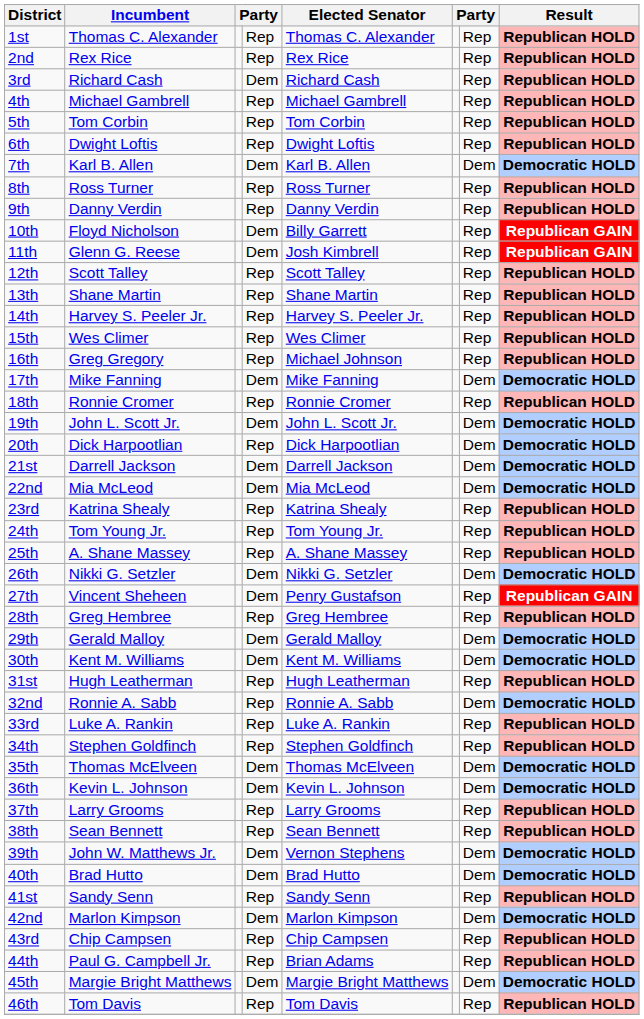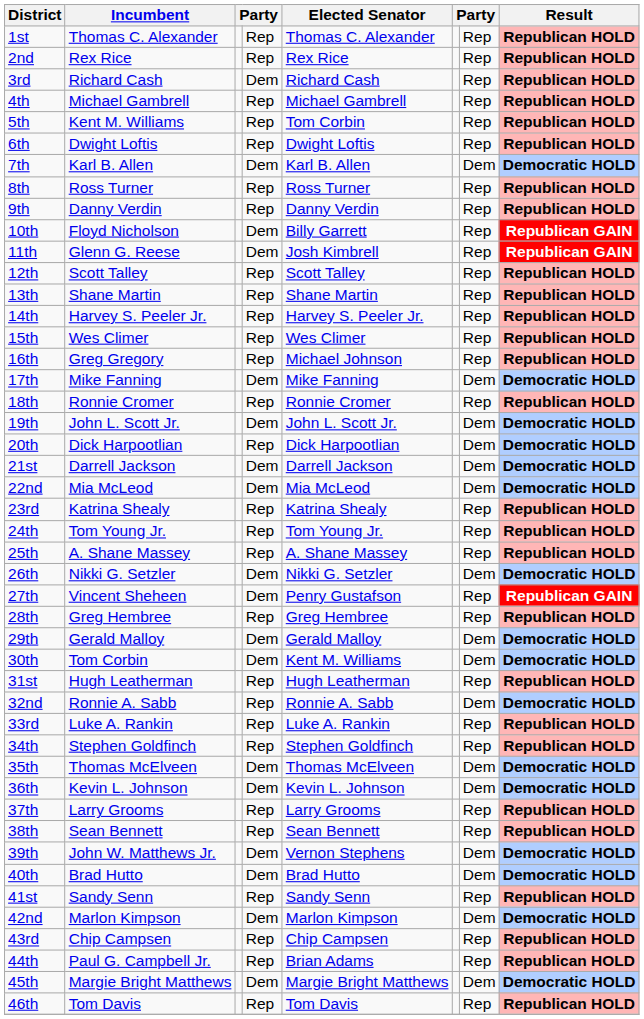 <table class="sortable wikitable" style="font-size:95%;line-height:14px;">
 <tr>
 <th class="unsortable">District</th>
 <th class="unsortable"><a href='#'>Incumbent</a></th>
 <th colspan="2">Party</th>
 <th class="unsortable">Elected Senator</th>
 <th colspan="2">Party</th>
 <th class="unsortable">Result</th>
 </tr>
 <tr>
 <td><a href='#'>1st</a></td>
 <td><a href='#'>Thomas C. Alexander</a></td>
 <td style="background:"></td>
 <td>Rep</td>
 <td><a href='#'>Thomas C. Alexander</a></td>
 <td style="background:"></td>
 <td>Rep</td>
 <td style="text-align:center; background:#FFB6B6"><strong>Republican HOLD</strong></td>
 </tr>
 <tr>
 <td><a href='#'>2nd</a></td>
 <td><a href='#'>Rex Rice</a></td>
 <td style="background:"></td>
 <td>Rep</td>
 <td><a href='#'>Rex Rice</a></td>
 <td style="background:"></td>
 <td>Rep</td>
 <td style="text-align:center; background:#FFB6B6"><strong>Republican HOLD</strong></td>
 </tr>
 <tr>
 <td><a href='#'>3rd</a></td>
 <td><a href='#'>Richard Cash</a></td>
 <td style="background:"></td>
 <td>Dem</td>
 <td><a href='#'>Richard Cash</a></td>
 <td style="background:"></td>
 <td>Rep</td>
 <td style="text-align:center; background:#FFB6B6"><strong>Republican HOLD</strong></td>
 </tr>
 <tr>
 <td><a href='#'>4th</a></td>
 <td><a href='#'>Michael Gambrell</a></td>
 <td style="background:"></td>
 <td>Rep</td>
 <td><a href='#'>Michael Gambrell</a></td>
 <td style="background:"></td>
 <td>Rep</td>
 <td style="text-align:center; background:#FFB6B6"><strong>Republican HOLD</strong></td>
 </tr>
 <tr>
 <td><a href='#'>5th</a></td>
-<td><a href='#'>Tom Corbin</a></td>
+<td><a href='#'>Kent M. Williams</a></td>
 <td style="background:"></td>
 <td>Rep</td>
 <td><a href='#'>Tom Corbin</a></td>
 <td style="background:"></td>
 <td>Rep</td>
 <td style="text-align:center; background:#FFB6B6"><strong>Republican HOLD</strong></td>
 </tr>
 <tr>
 <td><a href='#'>6th</a></td>
 <td><a href='#'>Dwight Loftis</a></td>
 <td style="background:"></td>
 <td>Rep</td>
 <td><a href='#'>Dwight Loftis</a></td>
 <td style="background:"></td>
 <td>Rep</td>
 <td style="text-align:center; background:#FFB6B6"><strong>Republican HOLD</strong></td>
 </tr>
 <tr>
 <td><a href='#'>7th</a></td>
 <td><a href='#'>Karl B. Allen</a></td>
 <td style="background:"></td>
 <td>Dem</td>
 <td><a href='#'>Karl B. Allen</a></td>
 <td style="background:"></td>
 <td>Dem</td>
 <td style="text-align:center; background:#B0CEFF"><strong>Democratic HOLD</strong></td>
 </tr>
 <tr>
 <td><a href='#'>8th</a></td>
 <td><a href='#'>Ross Turner</a></td>
 <td style="background:"></td>
 <td>Rep</td>
 <td><a href='#'>Ross Turner</a></td>
 <td style="background:"></td>
 <td>Rep</td>
 <td style="text-align:center; background:#FFB6B6"><strong>Republican HOLD</strong></td>
 </tr>
 <tr>
 <td><a href='#'>9th</a></td>
 <td><a href='#'>Danny Verdin</a></td>
 <td style="background:"></td>
 <td>Rep</td>
 <td><a href='#'>Danny Verdin</a></td>
 <td style="background:"></td>
 <td>Rep</td>
 <td style="text-align:center; background:#FFB6B6"><strong>Republican HOLD</strong></td>
 </tr>
 <tr>
 <td><a href='#'>10th</a></td>
 <td><a href='#'>Floyd Nicholson</a></td>
 <td style="background:"></td>
 <td>Dem</td>
 <td><a href='#'>Billy Garrett</a></td>
 <td style="background:"></td>
 <td>Rep</td>
 <td style="text-align:center; background:#FF0000; color:white"><strong>Republican GAIN</strong></td>
 </tr>
 <tr>
 <td><a href='#'>11th</a></td>
 <td><a href='#'>Glenn G. Reese</a></td>
 <td style="background:"></td>
 <td>Dem</td>
 <td><a href='#'>Josh Kimbrell</a></td>
 <td style="background:"></td>
 <td>Rep</td>
 <td style="text-align:center; background:#FF0000; color:white"><strong>Republican GAIN</strong></td>
 </tr>
 <tr>
 <td><a href='#'>12th</a></td>
 <td><a href='#'>Scott Talley</a></td>
 <td style="background:"></td>
 <td>Rep</td>
 <td><a href='#'>Scott Talley</a></td>
 <td style="background:"></td>
 <td>Rep</td>
 <td style="text-align:center; background:#FFB6B6"><strong>Republican HOLD</strong></td>
 </tr>
 <tr>
 <td><a href='#'>13th</a></td>
 <td><a href='#'>Shane Martin</a></td>
 <td style="background:"></td>
 <td>Rep</td>
 <td><a href='#'>Shane Martin</a></td>
 <td style="background:"></td>
 <td>Rep</td>
 <td style="text-align:center; background:#FFB6B6"><strong>Republican HOLD</strong></td>
 </tr>
 <tr>
 <td><a href='#'>14th</a></td>
 <td><a href='#'>Harvey S. Peeler Jr.</a></td>
 <td style="background:"></td>
 <td>Rep</td>
 <td><a href='#'>Harvey S. Peeler Jr.</a></td>
 <td style="background:"></td>
 <td>Rep</td>
 <td style="text-align:center; background:#FFB6B6"><strong>Republican HOLD</strong></td>
 </tr>
 <tr>
 <td><a href='#'>15th</a></td>
 <td><a href='#'>Wes Climer</a></td>
 <td style="background:"></td>
 <td>Rep</td>
 <td><a href='#'>Wes Climer</a></td>
 <td style="background:"></td>
 <td>Rep</td>
 <td style="text-align:center; background:#FFB6B6"><strong>Republican HOLD</strong></td>
 </tr>
 <tr>
 <td><a href='#'>16th</a></td>
 <td><a href='#'>Greg Gregory</a></td>
 <td style="background:"></td>
 <td>Rep</td>
 <td><a href='#'>Michael Johnson</a></td>
 <td style="background:"></td>
 <td>Rep</td>
 <td style="text-align:center; background:#FFB6B6"><strong>Republican HOLD</strong></td>
 </tr>
 <tr>
 <td><a href='#'>17th</a></td>
 <td><a href='#'>Mike Fanning</a></td>
 <td style="background:"></td>
 <td>Dem</td>
 <td><a href='#'>Mike Fanning</a></td>
 <td style="background:"></td>
 <td>Dem</td>
 <td style="text-align:center; background:#B0CEFF"><strong>Democratic HOLD</strong></td>
 </tr>
 <tr>
 <td><a href='#'>18th</a></td>
 <td><a href='#'>Ronnie Cromer</a></td>
 <td style="background:"></td>
 <td>Rep</td>
 <td><a href='#'>Ronnie Cromer</a></td>
 <td style="background:"></td>
 <td>Rep</td>
 <td style="text-align:center; background:#FFB6B6"><strong>Republican HOLD</strong></td>
 </tr>
 <tr>
 <td><a href='#'>19th</a></td>
 <td><a href='#'>John L. Scott Jr.</a></td>
 <td style="background:"></td>
 <td>Dem</td>
 <td><a href='#'>John L. Scott Jr.</a></td>
 <td style="background:"></td>
 <td>Dem</td>
 <td style="text-align:center; background:#B0CEFF"><strong>Democratic HOLD</strong></td>
 </tr>
 <tr>
 <td><a href='#'>20th</a></td>
 <td><a href='#'>Dick Harpootlian</a></td>
 <td style="background:"></td>
 <td>Rep</td>
 <td><a href='#'>Dick Harpootlian</a></td>
 <td style="background:"></td>
 <td>Dem</td>
 <td style="text-align:center; background:#B0CEFF"><strong>Democratic HOLD</strong></td>
 </tr>
 <tr>
 <td><a href='#'>21st</a></td>
 <td><a href='#'>Darrell Jackson</a></td>
 <td style="background:"></td>
 <td>Dem</td>
 <td><a href='#'>Darrell Jackson</a></td>
 <td style="background:"></td>
 <td>Dem</td>
 <td style="text-align:center; background:#B0CEFF"><strong>Democratic HOLD</strong></td>
 </tr>
 <tr>
 <td><a href='#'>22nd</a></td>
 <td><a href='#'>Mia McLeod</a></td>
 <td style="background:"></td>
 <td>Dem</td>
 <td><a href='#'>Mia McLeod</a></td>
 <td style="background:"></td>
 <td>Dem</td>
 <td style="text-align:center; background:#B0CEFF"><strong>Democratic HOLD</strong></td>
 </tr>
 <tr>
 <td><a href='#'>23rd</a></td>
 <td><a href='#'>Katrina Shealy</a></td>
 <td style="background:"></td>
 <td>Rep</td>
 <td><a href='#'>Katrina Shealy</a></td>
 <td style="background:"></td>
 <td>Rep</td>
 <td style="text-align:center; background:#FFB6B6"><strong>Republican HOLD</strong></td>
 </tr>
 <tr>
 <td><a href='#'>24th</a></td>
 <td><a href='#'>Tom Young Jr.</a></td>
 <td style="background:"></td>
 <td>Rep</td>
 <td><a href='#'>Tom Young Jr.</a></td>
 <td style="background:"></td>
 <td>Rep</td>
 <td style="text-align:center; background:#FFB6B6"><strong>Republican HOLD</strong></td>
 </tr>
 <tr>
 <td><a href='#'>25th</a></td>
 <td><a href='#'>A. Shane Massey</a></td>
 <td style="background:"></td>
 <td>Rep</td>
 <td><a href='#'>A. Shane Massey</a></td>
 <td style="background:"></td>
 <td>Rep</td>
 <td style="text-align:center; background:#FFB6B6"><strong>Republican HOLD</strong></td>
 </tr>
 <tr>
 <td><a href='#'>26th</a></td>
 <td><a href='#'>Nikki G. Setzler</a></td>
 <td style="background:"></td>
 <td>Dem</td>
 <td><a href='#'>Nikki G. Setzler</a></td>
 <td style="background:"></td>
 <td>Dem</td>
 <td style="text-align:center; background:#B0CEFF"><strong>Democratic HOLD</strong></td>
 </tr>
 <tr>
 <td><a href='#'>27th</a></td>
 <td><a href='#'>Vincent Sheheen</a></td>
 <td style="background:"></td>
 <td>Dem</td>
 <td><a href='#'>Penry Gustafson</a></td>
 <td style="background:"></td>
 <td>Rep</td>
 <td style="text-align:center; background:#FF0000; color:white"><strong>Republican GAIN</strong></td>
 </tr>
 <tr>
 <td><a href='#'>28th</a></td>
 <td><a href='#'>Greg Hembree</a></td>
 <td style="background:"></td>
 <td>Rep</td>
 <td><a href='#'>Greg Hembree</a></td>
 <td style="background:"></td>
 <td>Rep</td>
 <td style="text-align:center; background:#FFB6B6"><strong>Republican HOLD</strong></td>
 </tr>
 <tr>
 <td><a href='#'>29th</a></td>
 <td><a href='#'>Gerald Malloy</a></td>
 <td style="background:"></td>
 <td>Dem</td>
 <td><a href='#'>Gerald Malloy</a></td>
 <td style="background:"></td>
 <td>Dem</td>
 <td style="text-align:center; background:#B0CEFF"><strong>Democratic HOLD</strong></td>
 </tr>
 <tr>
 <td><a href='#'>30th</a></td>
-<td><a href='#'>Kent M. Williams</a></td>
+<td><a href='#'>Tom Corbin</a></td>
 <td style="background:"></td>
 <td>Dem</td>
 <td><a href='#'>Kent M. Williams</a></td>
 <td style="background:"></td>
 <td>Dem</td>
 <td style="text-align:center; background:#B0CEFF"><strong>Democratic HOLD</strong></td>
 </tr>
 <tr>
 <td><a href='#'>31st</a></td>
 <td><a href='#'>Hugh Leatherman</a></td>
 <td style="background:"></td>
 <td>Rep</td>
 <td><a href='#'>Hugh Leatherman</a></td>
 <td style="background:"></td>
 <td>Rep</td>
 <td style="text-align:center; background:#FFB6B6"><strong>Republican HOLD</strong></td>
 </tr>
 <tr>
 <td><a href='#'>32nd</a></td>
 <td><a href='#'>Ronnie A. Sabb</a></td>
 <td style="background:"></td>
 <td>Rep</td>
 <td><a href='#'>Ronnie A. Sabb</a></td>
 <td style="background:"></td>
 <td>Dem</td>
 <td style="text-align:center; background:#B0CEFF"><strong>Democratic HOLD</strong></td>
 </tr>
 <tr>
 <td><a href='#'>33rd</a></td>
 <td><a href='#'>Luke A. Rankin</a></td>
 <td style="background:"></td>
 <td>Rep</td>
 <td><a href='#'>Luke A. Rankin</a></td>
 <td style="background:"></td>
 <td>Rep</td>
 <td style="text-align:center; background:#FFB6B6"><strong>Republican HOLD</strong></td>
 </tr>
 <tr>
 <td><a href='#'>34th</a></td>
 <td><a href='#'>Stephen Goldfinch</a></td>
 <td style="background:"></td>
 <td>Rep</td>
 <td><a href='#'>Stephen Goldfinch</a></td>
 <td style="background:"></td>
 <td>Rep</td>
 <td style="text-align:center; background:#FFB6B6"><strong>Republican HOLD</strong></td>
 </tr>
 <tr>
 <td><a href='#'>35th</a></td>
 <td><a href='#'>Thomas McElveen</a></td>
 <td style="background:"></td>
 <td>Dem</td>
 <td><a href='#'>Thomas McElveen</a></td>
 <td style="background:"></td>
 <td>Dem</td>
 <td style="text-align:center; background:#B0CEFF"><strong>Democratic HOLD</strong></td>
 </tr>
 <tr>
 <td><a href='#'>36th</a></td>
 <td><a href='#'>Kevin L. Johnson</a></td>
 <td style="background:"></td>
 <td>Dem</td>
 <td><a href='#'>Kevin L. Johnson</a></td>
 <td style="background:"></td>
 <td>Dem</td>
 <td style="text-align:center; background:#B0CEFF"><strong>Democratic HOLD</strong></td>
 </tr>
 <tr>
 <td><a href='#'>37th</a></td>
 <td><a href='#'>Larry Grooms</a></td>
 <td style="background:"></td>
 <td>Rep</td>
 <td><a href='#'>Larry Grooms</a></td>
 <td style="background:"></td>
 <td>Rep</td>
 <td style="text-align:center; background:#FFB6B6"><strong>Republican HOLD</strong></td>
 </tr>
 <tr>
 <td><a href='#'>38th</a></td>
 <td><a href='#'>Sean Bennett</a></td>
 <td style="background:"></td>
 <td>Rep</td>
 <td><a href='#'>Sean Bennett</a></td>
 <td style="background:"></td>
 <td>Rep</td>
 <td style="text-align:center; background:#FFB6B6"><strong>Republican HOLD</strong></td>
 </tr>
 <tr>
 <td><a href='#'>39th</a></td>
 <td><a href='#'>John W. Matthews Jr.</a></td>
 <td style="background:"></td>
 <td>Dem</td>
 <td><a href='#'>Vernon Stephens</a></td>
 <td style="background:"></td>
 <td>Dem</td>
 <td style="text-align:center; background:#B0CEFF"><strong>Democratic HOLD</strong></td>
 </tr>
 <tr>
 <td><a href='#'>40th</a></td>
 <td><a href='#'>Brad Hutto</a></td>
 <td style="background:"></td>
 <td>Dem</td>
 <td><a href='#'>Brad Hutto</a></td>
 <td style="background:"></td>
 <td>Dem</td>
 <td style="text-align:center; background:#B0CEFF"><strong>Democratic HOLD</strong></td>
 </tr>
 <tr>
 <td><a href='#'>41st</a></td>
 <td><a href='#'>Sandy Senn</a></td>
 <td style="background:"></td>
 <td>Rep</td>
 <td><a href='#'>Sandy Senn</a></td>
 <td style="background:"></td>
 <td>Rep</td>
 <td style="text-align:center; background:#FFB6B6"><strong>Republican HOLD</strong></td>
 </tr>
 <tr>
 <td><a href='#'>42nd</a></td>
 <td><a href='#'>Marlon Kimpson</a></td>
 <td style="background:"></td>
 <td>Dem</td>
 <td><a href='#'>Marlon Kimpson</a></td>
 <td style="background:"></td>
 <td>Dem</td>
 <td style="text-align:center; background:#B0CEFF"><strong>Democratic HOLD</strong></td>
 </tr>
 <tr>
 <td><a href='#'>43rd</a></td>
 <td><a href='#'>Chip Campsen</a></td>
 <td style="background:"></td>
 <td>Rep</td>
 <td><a href='#'>Chip Campsen</a></td>
 <td style="background:"></td>
 <td>Rep</td>
 <td style="text-align:center; background:#FFB6B6"><strong>Republican HOLD</strong></td>
 </tr>
 <tr>
 <td><a href='#'>44th</a></td>
 <td><a href='#'>Paul G. Campbell Jr.</a></td>
 <td style="background:"></td>
 <td>Rep</td>
 <td><a href='#'>Brian Adams</a></td>
 <td style="background:"></td>
 <td>Rep</td>
 <td style="text-align:center; background:#FFB6B6"><strong>Republican HOLD</strong></td>
 </tr>
 <tr>
 <td><a href='#'>45th</a></td>
 <td><a href='#'>Margie Bright Matthews</a></td>
 <td style="background:"></td>
 <td>Dem</td>
 <td><a href='#'>Margie Bright Matthews</a></td>
 <td style="background:"></td>
 <td>Dem</td>
 <td style="text-align:center; background:#B0CEFF"><strong>Democratic HOLD</strong></td>
 </tr>
 <tr>
 <td><a href='#'>46th</a></td>
 <td><a href='#'>Tom Davis</a></td>
 <td style="background:"></td>
 <td>Rep</td>
 <td><a href='#'>Tom Davis</a></td>
 <td style="background:"></td>
 <td>Rep</td>
 <td style="text-align:center; background:#FFB6B6"><strong>Republican HOLD</strong></td>
 </tr>
 <tr>
 </tr>
 </table>
